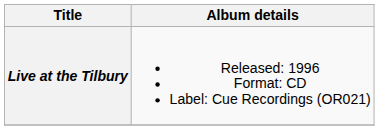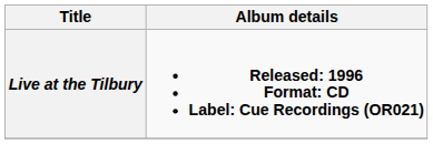 <table class="wikitable plainrowheaders" style="text-align:center;" border="1">
 <tr>
 <th>Title</th>
 <th>Album details</th>
 </tr>
 <tr>
 <th scope="row"><em>Live at the Tilbury</em> <br></th>
-<td><br><ul><li>Released: 1996</li><li>Format: CD</li><li>Label: Cue Recordings (OR021)</li></ul></td>
+<td><strong><br><ul><li>Released: 1996</li><li>Format: CD</li><li>Label: Cue Recordings (OR021)</li></ul></strong></td>
 </tr>
 <tr>
 </tr>
 </table>
